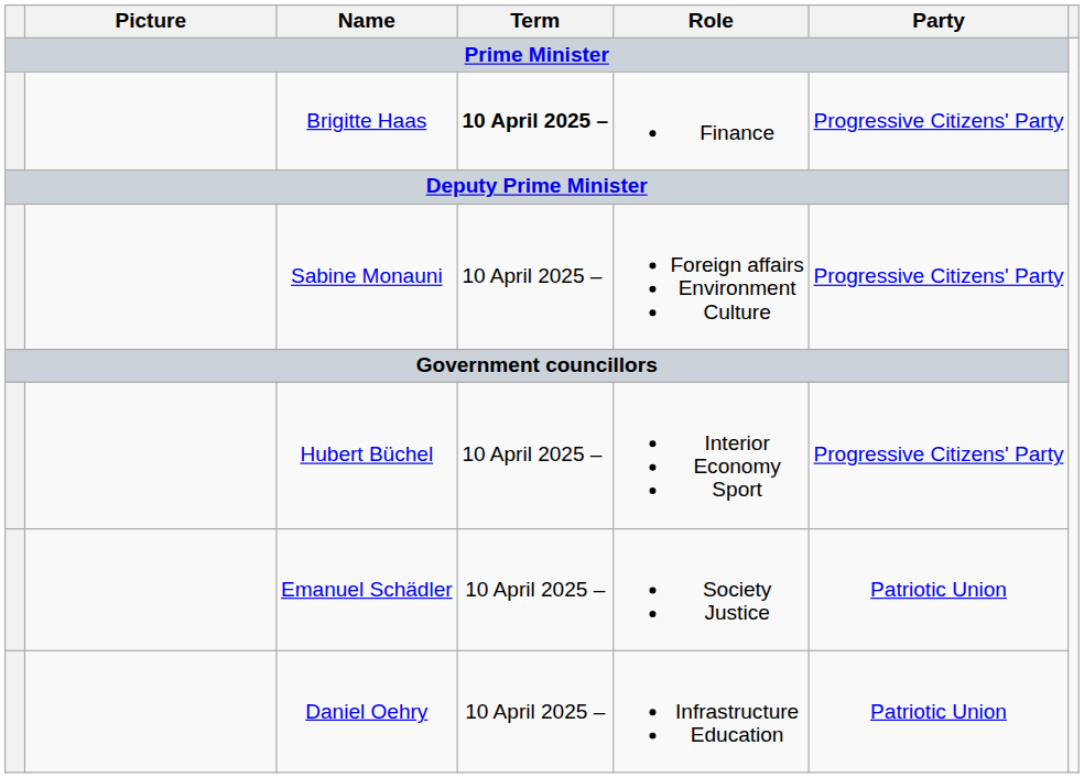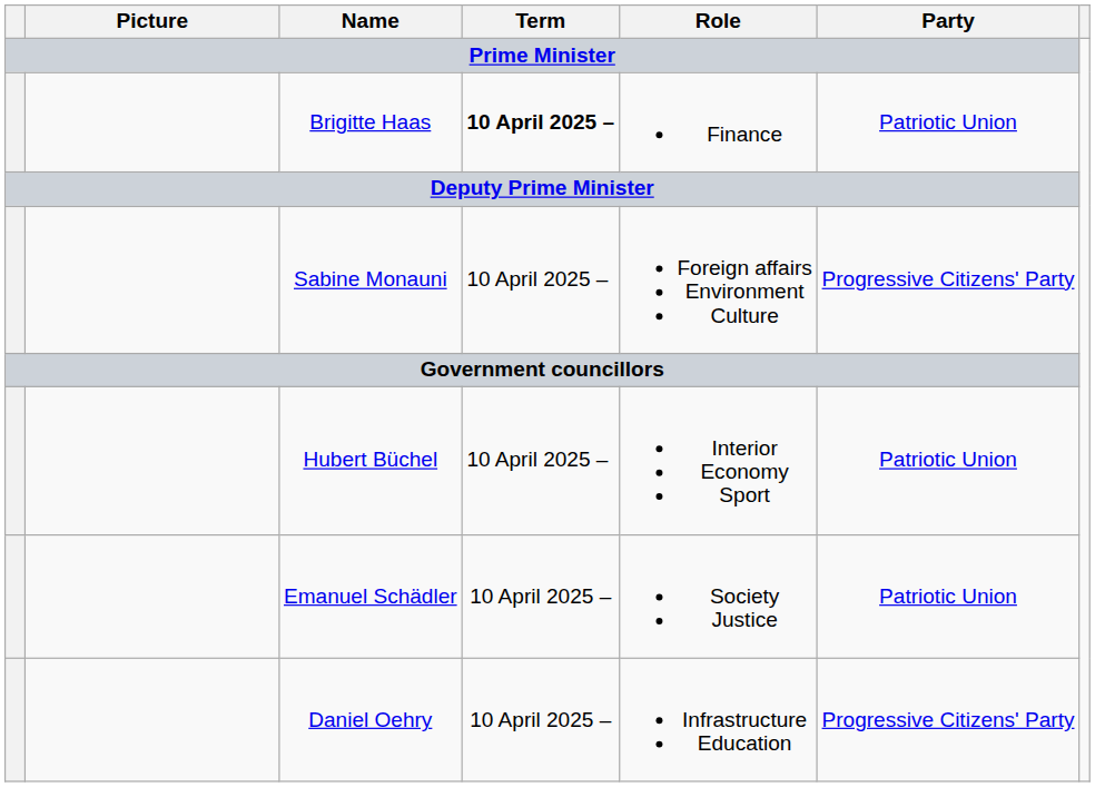 <table class="wikitable" style="text-align:center">
 <tr>
 <th style="width: 0.5em"></th>
 <th style="width: 11.5em">Picture</th>
 <th>Name</th>
 <th>Term</th>
 <th>Role</th>
 <th>Party</th>
 <th></th>
 </tr>
 <tr>
 <th colspan="6" style="background:#CCD2D9"><a href='#'>Prime Minister</a></th>
 <td rowspan="8"></td>
 </tr>
 <tr>
 <th style="background:"></th>
 <td></td>
 <td><a href='#'>Brigitte Haas</a></td>
 <td style="text-align:left"><strong>10 April 2025 –</strong></td>
 <td><br><ul><li>Finance</li></ul></td>
-<td><a href='#'>Progressive Citizens' Party</a></td>
+<td><a href='#'>Patriotic Union</a></td>
 </tr>
 <tr>
 <th colspan="6" style="background:#CCD2D9"><a href='#'>Deputy Prime Minister</a></th>
 </tr>
 <tr>
 <th style="background:"></th>
 <td></td>
 <td><a href='#'>Sabine Monauni</a></td>
 <td style="text-align:left">10 April 2025 –</td>
 <td><br><ul><li>Foreign affairs</li><li>Environment</li><li>Culture</li></ul></td>
 <td><a href='#'>Progressive Citizens' Party</a></td>
 </tr>
 <tr>
 <th colspan="6" style="background:#CCD2D9">Government councillors</th>
 </tr>
 <tr>
 <th style="background:"></th>
 <td></td>
 <td><a href='#'>Hubert Büchel</a></td>
 <td style="text-align:left">10 April 2025 –</td>
 <td><br><ul><li>Interior</li><li>Economy</li><li>Sport</li></ul></td>
-<td><a href='#'>Progressive Citizens' Party</a></td>
+<td><a href='#'>Patriotic Union</a></td>
 </tr>
 <tr>
 <th style="background:"></th>
 <td></td>
 <td><a href='#'>Emanuel Schädler</a></td>
 <td>10 April 2025 –</td>
 <td><br><ul><li>Society</li><li>Justice</li></ul></td>
 <td><a href='#'>Patriotic Union</a></td>
 </tr>
 <tr>
 <th style="background:"></th>
 <td></td>
 <td><a href='#'>Daniel Oehry</a></td>
 <td>10 April 2025 –</td>
 <td><br><ul><li>Infrastructure</li><li>Education</li></ul></td>
-<td><a href='#'>Patriotic Union</a></td>
+<td><a href='#'>Progressive Citizens' Party</a></td>
 </tr>
 </table>
